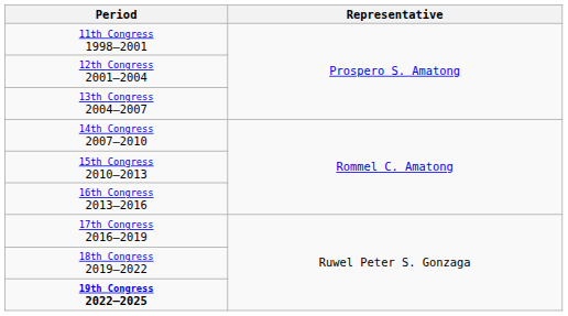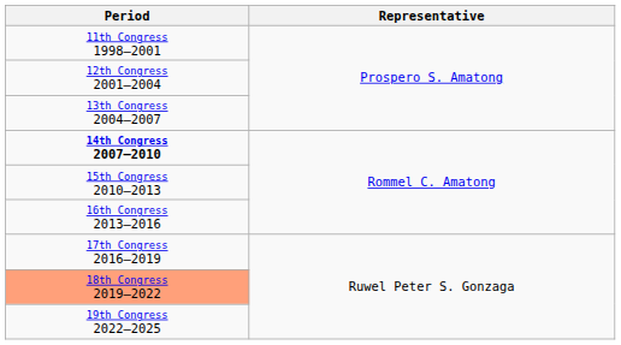 <table class="wikitable" style="text-align:center; width:40%;">
 <tr>
 <th width="40%">Period</th>
 <th>Representative</th>
 </tr>
 <tr>
 <td><small><a href='#'>11th Congress</a></small><br>1998–2001</td>
 <td rowspan="3"><a href='#'>Prospero S. Amatong</a></td>
 </tr>
 <tr>
 <td><small><a href='#'>12th Congress</a></small><br>2001–2004</td>
 </tr>
 <tr>
 <td><small><a href='#'>13th Congress</a></small><br>2004–2007</td>
 </tr>
 <tr>
-<td><small><a href='#'>14th Congress</a></small><br>2007–2010</td>
+<td><strong><small><a href='#'>14th Congress</a></small><br>2007–2010</strong></td>
 <td rowspan="3"><a href='#'>Rommel C. Amatong</a></td>
 </tr>
 <tr>
 <td><small><a href='#'>15th Congress</a></small><br>2010–2013</td>
 </tr>
 <tr>
 <td><small><a href='#'>16th Congress</a></small><br>2013–2016</td>
 </tr>
 <tr>
 <td><small><a href='#'>17th Congress</a></small><br>2016–2019</td>
 <td rowspan="3">Ruwel Peter S. Gonzaga</td>
 </tr>
 <tr>
-<td><small><a href='#'>18th Congress</a></small><br>2019–2022</td>
+<td style="background: lightsalmon;"><small><a href='#'>18th Congress</a></small><br>2019–2022</td>
 </tr>
 <tr>
-<td><strong><small><a href='#'>19th Congress</a></small><br>2022–2025</strong></td>
+<td><small><a href='#'>19th Congress</a></small><br>2022–2025</td>
 </tr>
 </table>
